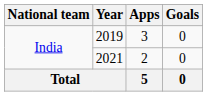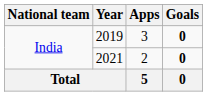 <table class="wikitable" style="text-align:center">
 <tr>
 <th>National team</th>
 <th>Year</th>
 <th>Apps</th>
 <th>Goals</th>
 </tr>
 <tr>
 <td rowspan="2"><a href='#'>India</a></td>
 <td>2019</td>
 <td>3</td>
-<td>0</td>
+<td><strong>0</strong></td>
 </tr>
 <tr>
 <td>2021</td>
 <td>2</td>
-<td>0</td>
+<td><strong>0</strong></td>
 </tr>
 <tr>
 <th colspan="2">Total</th>
 <th>5</th>
 <th>0</th>
 </tr>
 </table>
